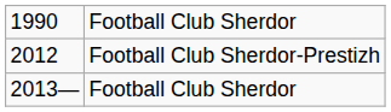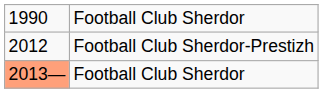 <table class="wikitable">
 <tr>
 <td>1990</td>
 <td>Football Club Sherdor</td>
 </tr>
 <tr>
 <td>2012</td>
 <td>Football Club Sherdor-Prestizh</td>
 </tr>
 <tr>
-<td>2013—</td>
+<td style="background: lightsalmon;">2013—</td>
 <td>Football Club Sherdor</td>
 </tr>
 </table>
